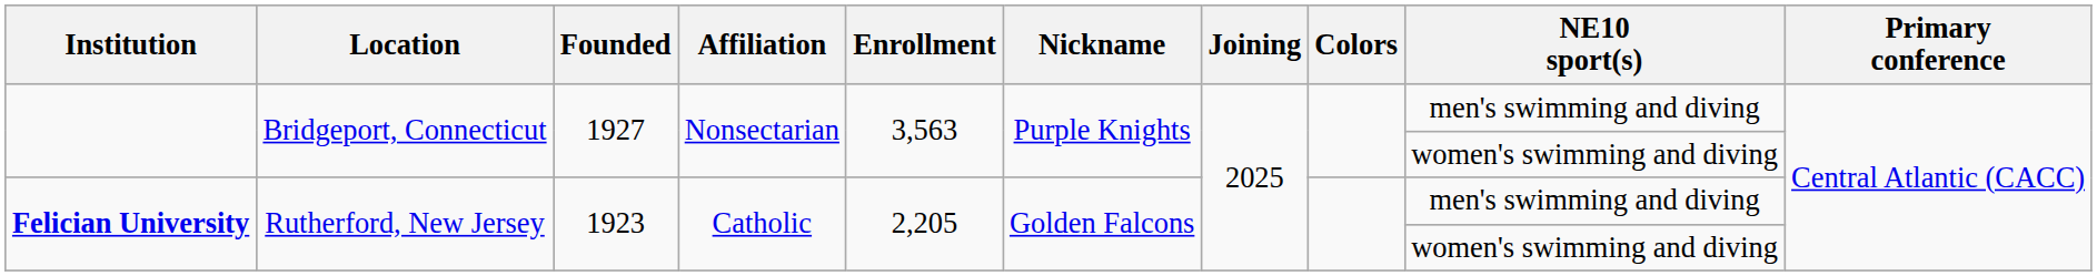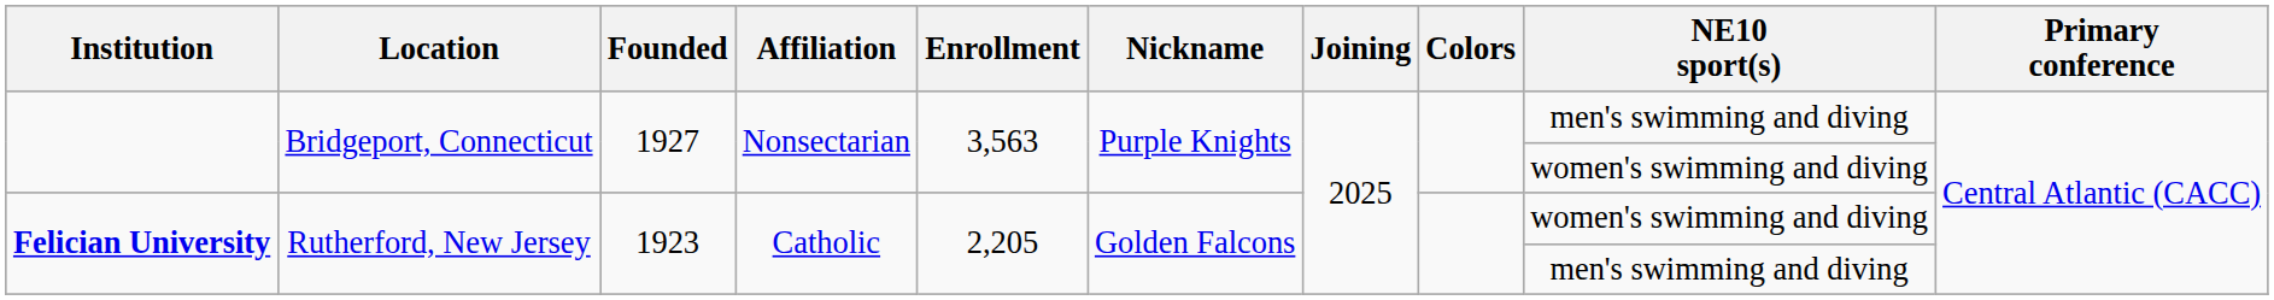 <table class="wikitable sortable" style="text-align:center">
 <tr>
 <th>Institution</th>
 <th>Location</th>
 <th>Founded</th>
 <th>Affiliation</th>
 <th>Enrollment</th>
 <th>Nickname</th>
 <th>Joining</th>
 <th class="unsortable">Colors</th>
 <th>NE10<br>sport(s)</th>
 <th>Primary<br>conference</th>
 </tr>
 <tr>
 <td rowspan=2></td>
 <td rowspan=2><a href='#'>Bridgeport, Connecticut</a></td>
 <td rowspan=2>1927</td>
 <td rowspan=2><a href='#'>Nonsectarian</a></td>
 <td rowspan=2>3,563</td>
 <td rowspan=2><a href='#'>Purple Knights</a></td>
 <td rowspan=4>2025</td>
 <td rowspan=2> </td>
 <td>men's swimming and diving</td>
 <td rowspan=4><a href='#'>Central Atlantic (CACC)</a></td>
 </tr>
 <tr>
 <td>women's swimming and diving</td>
 </tr>
 <tr>
 <td rowspan=2><strong><a href='#'>Felician University</a></strong></td>
 <td rowspan=2><a href='#'>Rutherford, New Jersey</a></td>
 <td rowspan=2>1923</td>
 <td rowspan=2><a href='#'>Catholic</a><br></td>
 <td rowspan=2>2,205</td>
 <td rowspan=2><a href='#'>Golden Falcons</a></td>
 <td rowspan=2> </td>
+<td>women's swimming and diving</td>
+</tr>
+<tr>
 <td>men's swimming and diving</td>
 </tr>
-<tr>
-<td>women's swimming and diving</td>
-</tr>
 </table>
